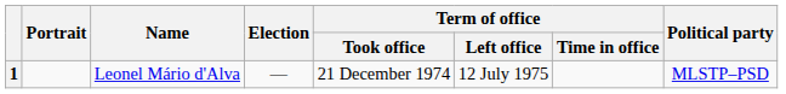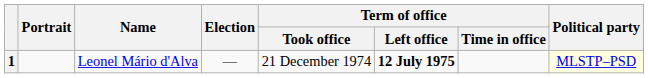 <table class="wikitable" style="text-align:center">
 <tr>
 <th rowspan="2"></th>
 <th rowspan="2">Portrait</th>
 <th rowspan="2">Name<br></th>
 <th rowspan="2">Election</th>
 <th colspan="3">Term of office</th>
 <th rowspan="2">Political party</th>
 </tr>
 <tr>
 <th>Took office</th>
 <th>Left office</th>
 <th>Time in office</th>
 </tr>
 <tr>
 <th style="background-color:">1</th>
 <td></td>
 <td><a href='#'>Leonel Mário d'Alva</a><br></td>
 <td>—</td>
 <td>21 December 1974</td>
-<td>12 July 1975</td>
+<td><strong>12 July 1975</strong></td>
 <td></td>
-<td><a href='#'>MLSTP–PSD</a></td>
+<td style="background: lightyellow;"><a href='#'>MLSTP–PSD</a></td>
 </tr>
 </table>
